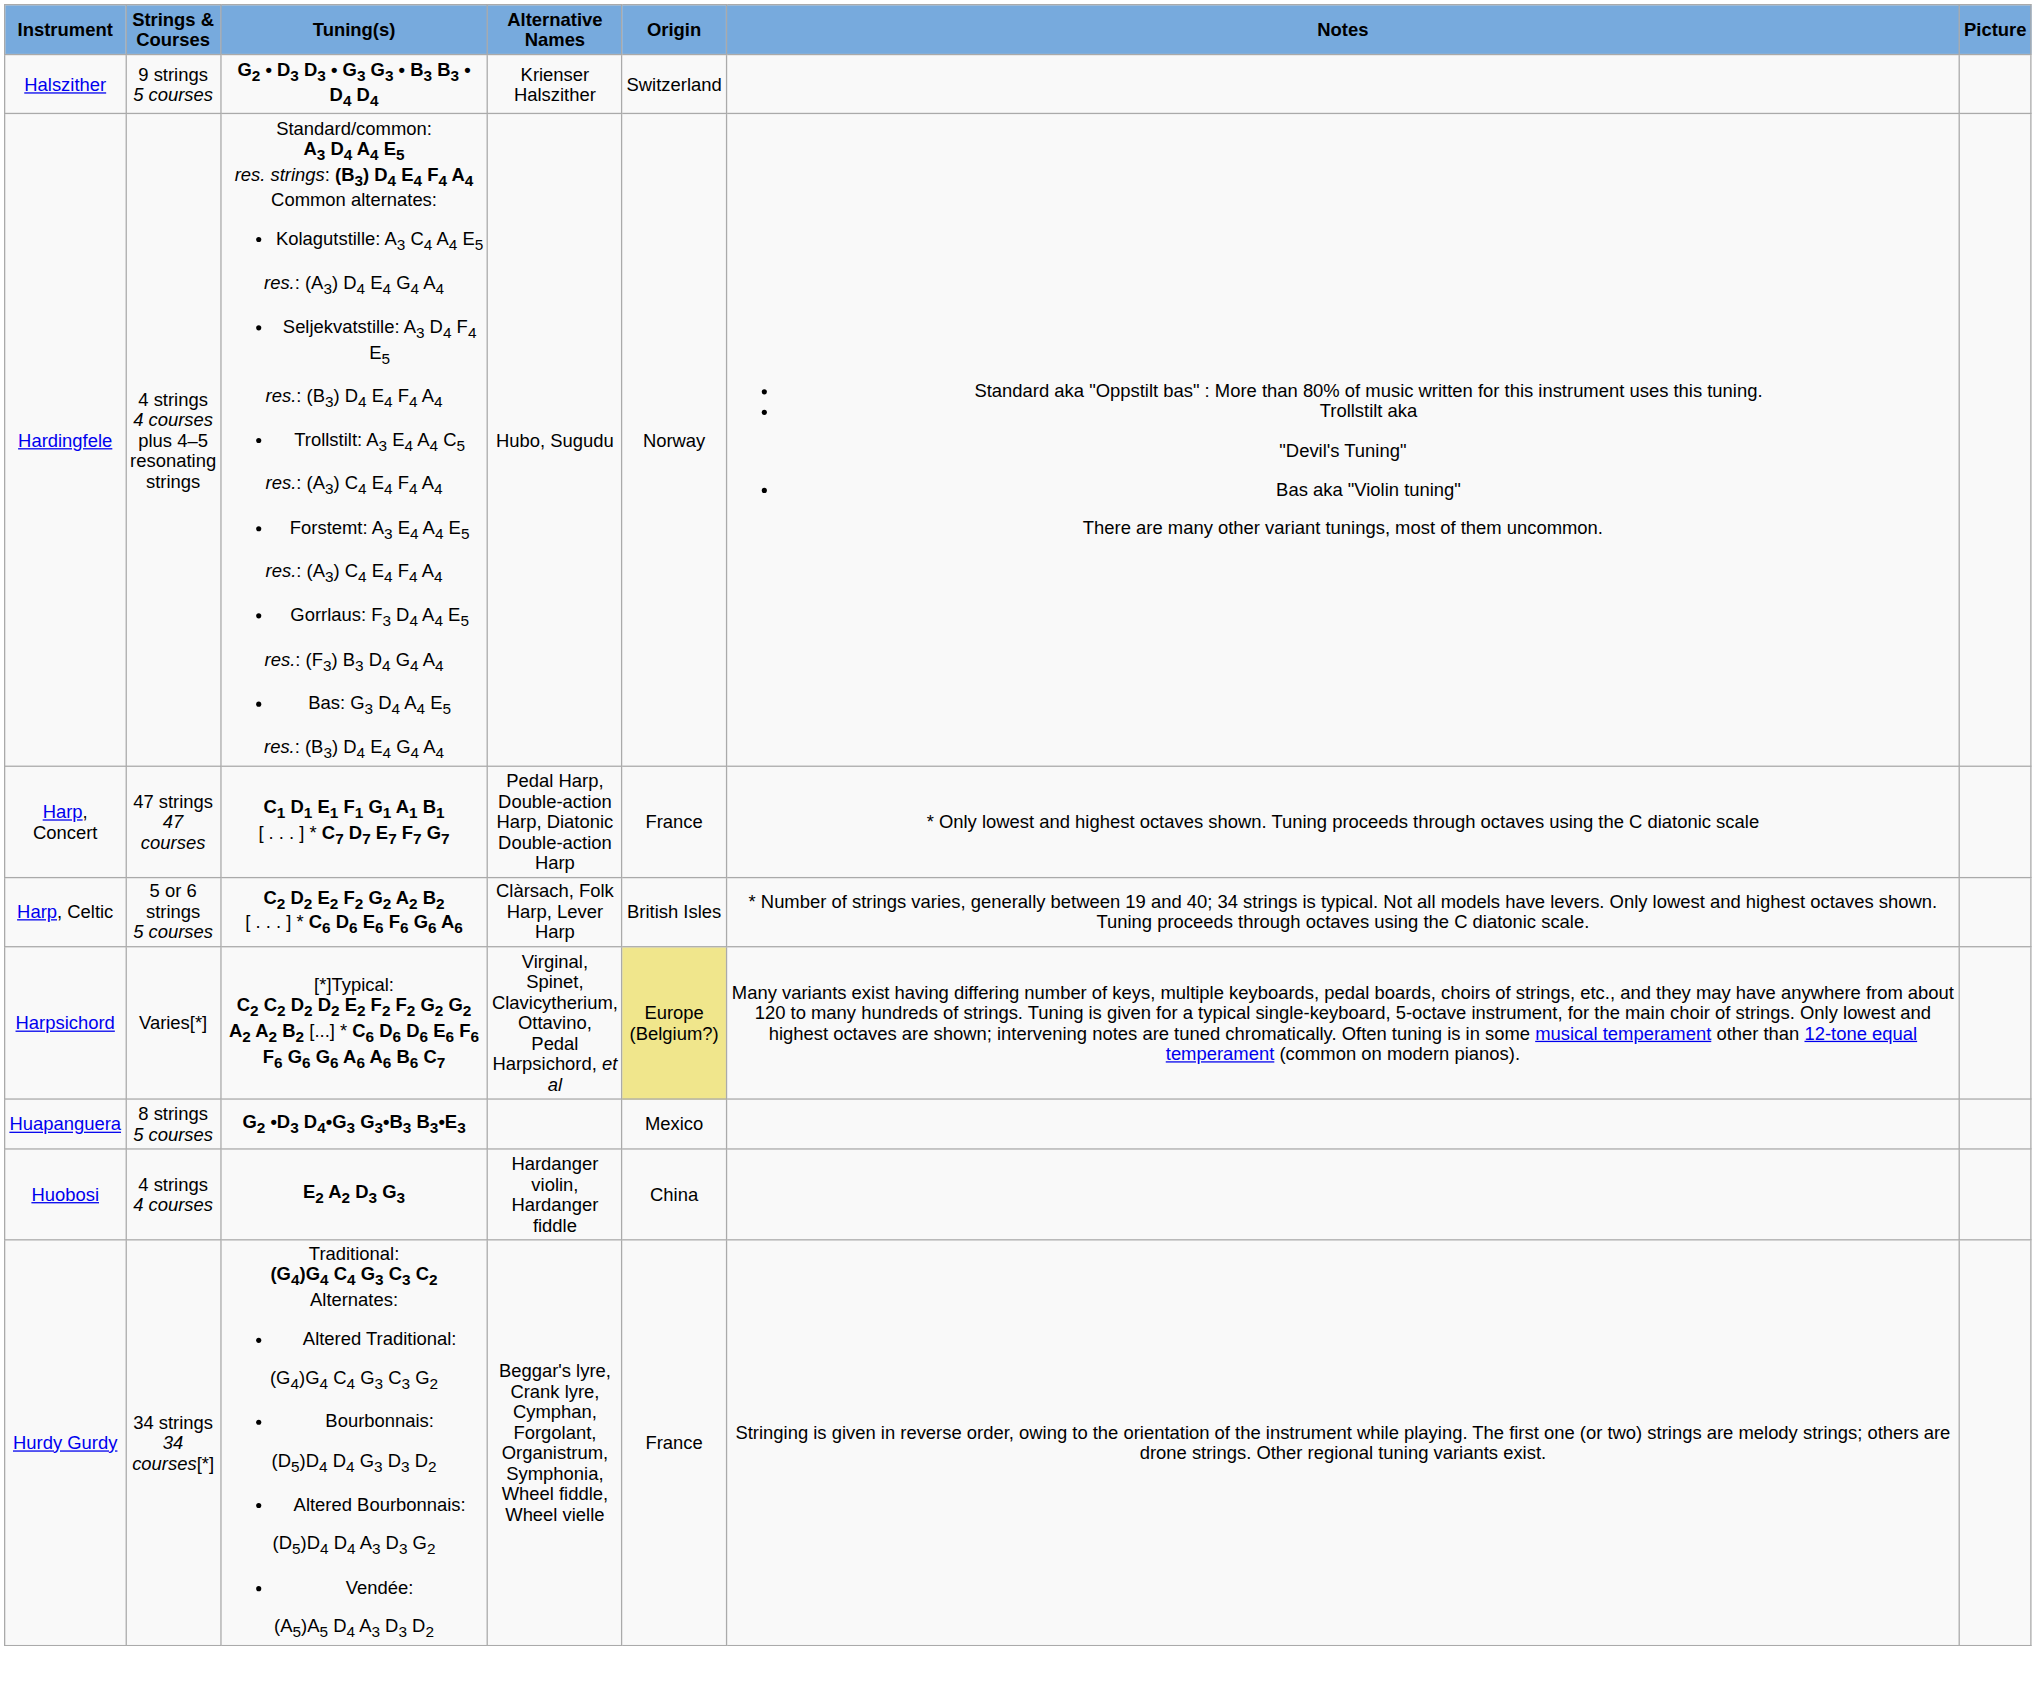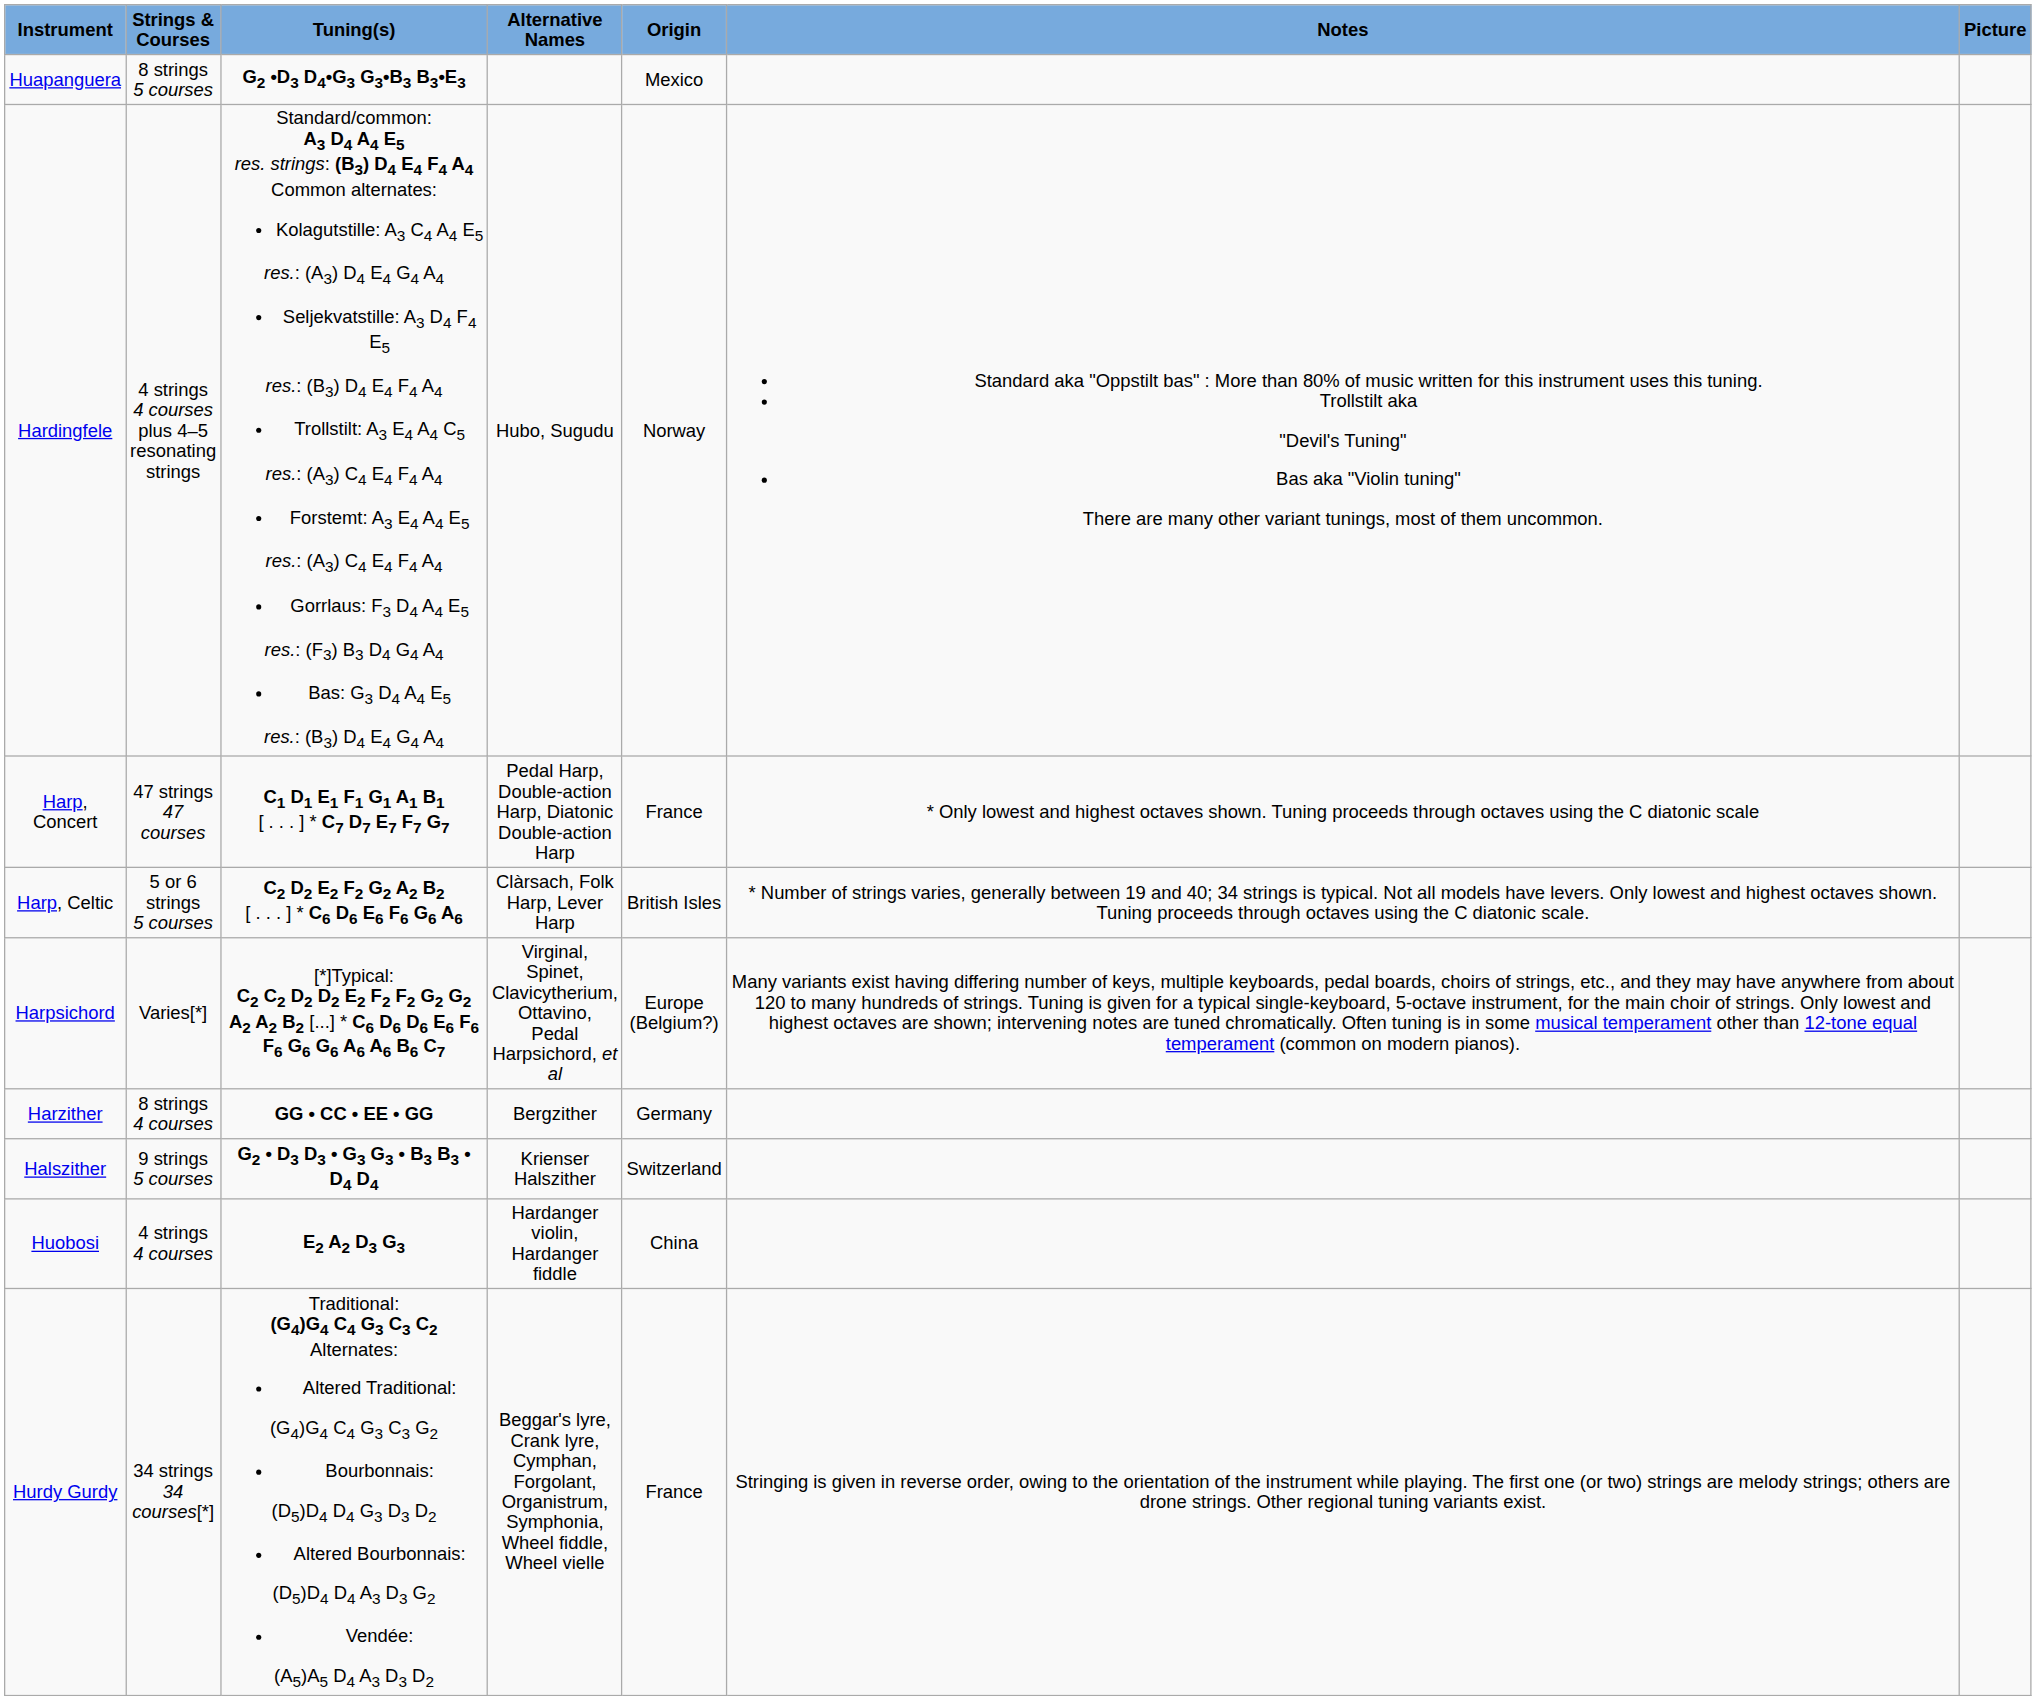 <table class="wikitable" style="margin:0.5em auto; clear:both; font-size:.9em; text-align:center; width:100%">
 <tr>
 <th style="background: #7ad;">Instrument</th>
 <th style="background: #7ad;" scope="col" width="56">Strings & Courses</th>
 <th style="background: #7ad;" scope="col" width="202">Tuning(s)</th>
 <th style="background: #7ad;" scope="col" width="98">Alternative Names</th>
 <th style="background: #7ad;" scope="col" width="52">Origin</th>
 <th style="background: #7ad;" scope="col" width'"150">Notes</th>
 <th style="background: #7ad;">Picture</th>
 </tr>
 <tr>
-<td><a href='#'>Halszither</a></td>
-<td>9 strings<br><em>5 courses</em></td>
-<td><strong>G<sub>2</sub> • D<sub>3</sub> D<sub>3</sub> • G<sub>3</sub> G<sub>3</sub> • B<sub>3</sub> B<sub>3</sub> • D<sub>4</sub> D<sub>4</sub></strong></td>
-<td>Krienser Halszither</td>
-<td>Switzerland</td>
+<td><a href='#'>Huapanguera</a></td>
+<td>8 strings<br><em>5 courses</em></td>
+<td><strong>G<sub>2</sub> •D<sub>3</sub> D<sub>4</sub>•G<sub>3</sub> G<sub>3</sub>•B<sub>3</sub> B<sub>3</sub>•E<sub>3</sub></strong></td>
+<td></td>
+<td>Mexico</td>
 <td></td>
 <td></td>
 </tr>
 <tr>
 <td><a href='#'>Hardingfele</a></td>
 <td>4 strings<br><em>4 courses</em><br>plus 4–5 resonating strings</td>
 <td>Standard/common:<br><strong>A<sub>3</sub> D<sub>4</sub> A<sub>4</sub> E<sub>5</sub></strong><br><em>res. strings</em>: <strong>(B<sub>3</sub>) D<sub>4</sub> E<sub>4</sub> F<sub>4</sub> A<sub>4</sub></strong><br>Common alternates:<ul><li>Kolagutstille: A<sub>3</sub> C<sub>4</sub> A<sub>4</sub> E<sub>5</sub></li></ul><em>res.</em>: (A<sub>3</sub>) D<sub>4</sub> E<sub>4</sub> G<sub>4</sub> A<sub>4</sub><ul><li>Seljekvatstille: A<sub>3</sub> D<sub>4</sub> F<sub>4</sub> E<sub>5</sub></li></ul><em>res.</em>: (B<sub>3</sub>) D<sub>4</sub> E<sub>4</sub> F<sub>4</sub> A<sub>4</sub><ul><li>Trollstilt: A<sub>3</sub> E<sub>4</sub> A<sub>4</sub> C<sub>5</sub></li></ul><em>res.</em>: (A<sub>3</sub>) C<sub>4</sub> E<sub>4</sub> F<sub>4</sub> A<sub>4</sub><ul><li>Forstemt: A<sub>3</sub> E<sub>4</sub> A<sub>4</sub> E<sub>5</sub></li></ul><em>res.</em>: (A<sub>3</sub>) C<sub>4</sub> E<sub>4</sub> F<sub>4</sub> A<sub>4</sub><ul><li>Gorrlaus: F<sub>3</sub> D<sub>4</sub> A<sub>4</sub> E<sub>5</sub></li></ul><em>res.</em>: (F<sub>3</sub>) B<sub>3</sub> D<sub>4</sub> G<sub>4</sub> A<sub>4</sub><ul><li>Bas: G<sub>3</sub> D<sub>4</sub> A<sub>4</sub> E<sub>5</sub></li></ul><em>res.</em>: (B<sub>3</sub>) D<sub>4</sub> E<sub>4</sub> G<sub>4</sub> A<sub>4</sub></td>
 <td>Hubo, Sugudu</td>
 <td>Norway</td>
 <td><br><ul><li>Standard aka "Oppstilt bas" : More than 80% of music written for this instrument uses this tuning.</li><li>Trollstilt aka</li></ul>"Devil's Tuning"<ul><li>Bas aka "Violin tuning"</li></ul>There are many other variant tunings, most of them uncommon.</td>
 <td></td>
 </tr>
 <tr>
 <td><a href='#'>Harp</a>, Concert</td>
 <td>47 strings<br><em>47 courses</em></td>
 <td><strong>C<sub>1</sub> D<sub>1</sub> E<sub>1</sub> F<sub>1</sub> G<sub>1</sub> A<sub>1</sub> B<sub>1</sub></strong><br>[ . . . ] * <strong>C<sub>7</sub> D<sub>7</sub> E<sub>7</sub> F<sub>7</sub> G<sub>7</sub></strong></td>
 <td>Pedal Harp, Double-action Harp, Diatonic Double-action Harp</td>
 <td>France</td>
 <td>* Only lowest and highest octaves shown.  Tuning proceeds through  octaves using the C diatonic scale</td>
 <td></td>
 </tr>
 <tr>
 <td><a href='#'>Harp</a>, Celtic</td>
 <td>5 or 6 strings<br><em>5 courses</em></td>
 <td><strong>C<sub>2</sub> D<sub>2</sub> E<sub>2</sub> F<sub>2</sub> G<sub>2</sub> A<sub>2</sub> B<sub>2</sub></strong><br>[ . . . ] * <strong>C<sub>6</sub> D<sub>6</sub> E<sub>6</sub> F<sub>6</sub> G<sub>6</sub> A<sub>6</sub></strong></td>
 <td>Clàrsach, Folk Harp, Lever Harp</td>
 <td>British Isles</td>
 <td>* Number of strings varies, generally between 19 and 40; 34 strings is typical. Not all models have levers. Only lowest and highest octaves shown.  Tuning proceeds through  octaves using the C diatonic scale.</td>
 <td></td>
 </tr>
 <tr>
 <td><a href='#'>Harpsichord</a></td>
 <td>Varies[*]</td>
 <td>[*]Typical:<br><strong>C<sub>2</sub> C<sub>2</sub> D<sub>2</sub> D<sub>2</sub> E<sub>2</sub> F<sub>2</sub> F<sub>2</sub> G<sub>2</sub> G<sub>2</sub> A<sub>2</sub> A<sub>2</sub> B<sub>2</sub></strong> [...] * <strong>C<sub>6</sub> D<sub>6</sub> D<sub>6</sub> E<sub>6</sub> F<sub>6</sub> F<sub>6</sub> G<sub>6</sub> G<sub>6</sub> A<sub>6</sub> A<sub>6</sub> B<sub>6</sub> C<sub>7</sub></strong></td>
 <td>Virginal, Spinet, Clavicytherium, Ottavino, Pedal Harpsichord, <em>et al</em></td>
-<td style="background: khaki;">Europe (Belgium?)</td>
+<td>Europe (Belgium?)</td>
 <td>Many variants exist having differing number of keys, multiple keyboards, pedal boards, choirs of strings, etc., and they may have anywhere from about 120 to many hundreds of strings.  Tuning is given for a typical single-keyboard, 5-octave instrument, for the main choir of strings.  Only lowest and highest octaves are shown; intervening notes are tuned chromatically. Often tuning is in some <a href='#'>musical temperament</a> other than <a href='#'>12-tone equal temperament</a> (common on modern pianos).</td>
 <td></td>
 </tr>
 <tr>
-<td><a href='#'>Huapanguera</a></td>
-<td>8 strings<br><em>5 courses</em></td>
-<td><strong>G<sub>2</sub> •D<sub>3</sub> D<sub>4</sub>•G<sub>3</sub> G<sub>3</sub>•B<sub>3</sub> B<sub>3</sub>•E<sub>3</sub></strong></td>
+<td><a href='#'>Harzither</a></td>
+<td>8 strings<br><em>4 courses</em></td>
+<td><strong>GG • CC • EE • GG</strong></td>
+<td>Bergzither</td>
+<td>Germany</td>
 <td></td>
-<td>Mexico</td>
+<td></td>
+</tr>
+<tr>
+<td><a href='#'>Halszither</a></td>
+<td>9 strings<br><em>5 courses</em></td>
+<td><strong>G<sub>2</sub> • D<sub>3</sub> D<sub>3</sub> • G<sub>3</sub> G<sub>3</sub> • B<sub>3</sub> B<sub>3</sub> • D<sub>4</sub> D<sub>4</sub></strong></td>
+<td>Krienser Halszither</td>
+<td>Switzerland</td>
 <td></td>
 <td></td>
 </tr>
 <tr>
 <td><a href='#'>Huobosi</a></td>
 <td>4 strings<br><em>4 courses</em></td>
 <td><strong>E<sub>2</sub> A<sub>2</sub> D<sub>3</sub> G<sub>3</sub></strong></td>
 <td>Hardanger violin, Hardanger fiddle</td>
 <td>China</td>
 <td></td>
 <td></td>
 </tr>
 <tr>
 <td><a href='#'>Hurdy Gurdy</a></td>
 <td>34 strings<br><em>34 courses</em>[*]</td>
 <td>Traditional:<br><strong>(G<sub>4</sub>)G<sub>4</sub> C<sub>4</sub> G<sub>3</sub> C<sub>3</sub> C<sub>2</sub></strong><br>Alternates:<ul><li>Altered Traditional:</li></ul>(G<sub>4</sub>)G<sub>4</sub> C<sub>4</sub> G<sub>3</sub> C<sub>3</sub> G<sub>2</sub><ul><li>Bourbonnais:</li></ul>(D<sub>5</sub>)D<sub>4</sub> D<sub>4</sub> G<sub>3</sub> D<sub>3</sub> D<sub>2</sub><ul><li>Altered Bourbonnais:</li></ul>(D<sub>5</sub>)D<sub>4</sub> D<sub>4</sub> A<sub>3</sub> D<sub>3</sub> G<sub>2</sub><ul><li>Vendée:</li></ul>(A<sub>5</sub>)A<sub>5</sub> D<sub>4</sub> A<sub>3</sub> D<sub>3</sub> D<sub>2</sub></td>
 <td>Beggar's lyre, Crank lyre, Cymphan, Forgolant, Organistrum, Symphonia, Wheel fiddle, Wheel vielle</td>
 <td>France</td>
 <td>Stringing is given in reverse order, owing to the orientation of the instrument while playing.  The first one (or two) strings are melody strings; others are drone strings. Other regional tuning variants exist.</td>
 <td></td>
 </tr>
 </table>
